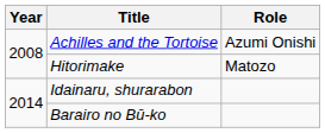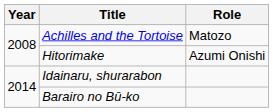 <table class="wikitable">
 <tr>
 <th>Year</th>
 <th>Title</th>
 <th>Role</th>
 </tr>
 <tr>
 <td rowspan="2">2008</td>
 <td><em><a href='#'>Achilles and the Tortoise</a></em></td>
-<td>Azumi Onishi</td>
+<td>Matozo</td>
 </tr>
 <tr>
 <td><em>Hitorimake</em></td>
-<td>Matozo</td>
+<td>Azumi Onishi</td>
 </tr>
 <tr>
 <td rowspan="2">2014</td>
 <td><em>Idainaru, shurarabon</em></td>
 <td></td>
 </tr>
 <tr>
 <td><em>Barairo no Bū-ko</em></td>
 <td></td>
 </tr>
 </table>
